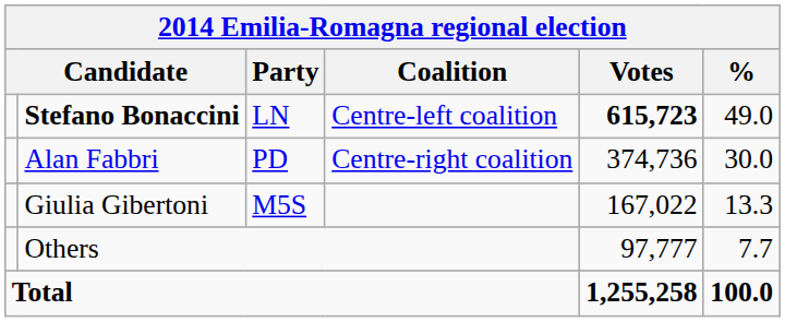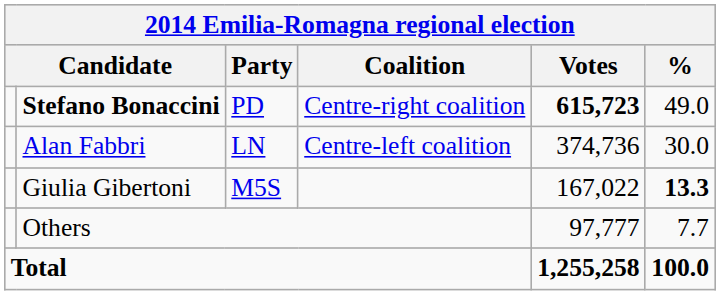 <table class=wikitable style=text-align:right>
 <tr>
 <th colspan=7><a href='#'>2014 Emilia-Romagna regional election</a></th>
 </tr>
 <tr>
 <th colspan=2>Candidate</th>
 <th>Party</th>
 <th>Coalition</th>
 <th>Votes</th>
 <th>%</th>
 </tr>
 <tr>
 <td></td>
 <td align=left><strong>Stefano Bonaccini</strong></td>
-<td align=left><a href='#'>LN</a></td>
-<td align=left><a href='#'>Centre-left coalition</a></td>
+<td align=left><a href='#'>PD</a></td>
+<td align=left><a href='#'>Centre-right coalition</a></td>
 <td><strong>615,723</strong></td>
 <td>49.0</td>
 </tr>
 <tr>
 <td></td>
 <td align=left><a href='#'>Alan Fabbri</a></td>
-<td align=left><a href='#'>PD</a></td>
-<td align=left><a href='#'>Centre-right coalition</a></td>
+<td align=left><a href='#'>LN</a></td>
+<td align=left><a href='#'>Centre-left coalition</a></td>
 <td>374,736</td>
 <td>30.0</td>
 </tr>
 <tr>
 <td></td>
 <td align=left>Giulia Gibertoni</td>
 <td align=left><a href='#'>M5S</a></td>
 <td></td>
 <td>167,022</td>
-<td>13.3</td>
+<td><strong>13.3</strong></td>
 </tr>
 <tr>
 <td></td>
 <td align=left colspan=3>Others</td>
 <td>97,777</td>
 <td>7.7</td>
 </tr>
 <tr>
 <td align=left colspan=4><strong>Total</strong></td>
 <td><strong>1,255,258</strong></td>
 <td><strong>100.0</strong></td>
 </tr>
 </table>
